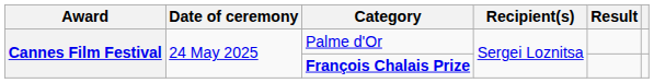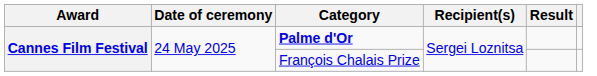 <table class="wikitable sortable plainrowheaders">
 <tr>
 <th scope="col">Award</th>
 <th scope="col">Date of ceremony</th>
 <th scope="col">Category</th>
 <th scope="col">Recipient(s)</th>
 <th scope="col">Result</th>
 <th scope="col" class="unsortable"></th>
 </tr>
 <tr>
 <th rowspan="2" scope="row"><a href='#'>Cannes Film Festival</a></th>
 <td rowspan="2"><a href='#'>24 May 2025</a></td>
-<td><a href='#'>Palme d'Or</a></td>
+<td><strong><a href='#'>Palme d'Or</a></strong></td>
 <td rowspan="2"><a href='#'>Sergei Loznitsa</a></td>
 <td></td>
 <td align="center"></td>
 </tr>
 <tr>
-<td><strong><a href='#'>François Chalais Prize</a></strong></td>
+<td><a href='#'>François Chalais Prize</a></td>
 <td></td>
 <td align="center"></td>
 </tr>
 </table>
